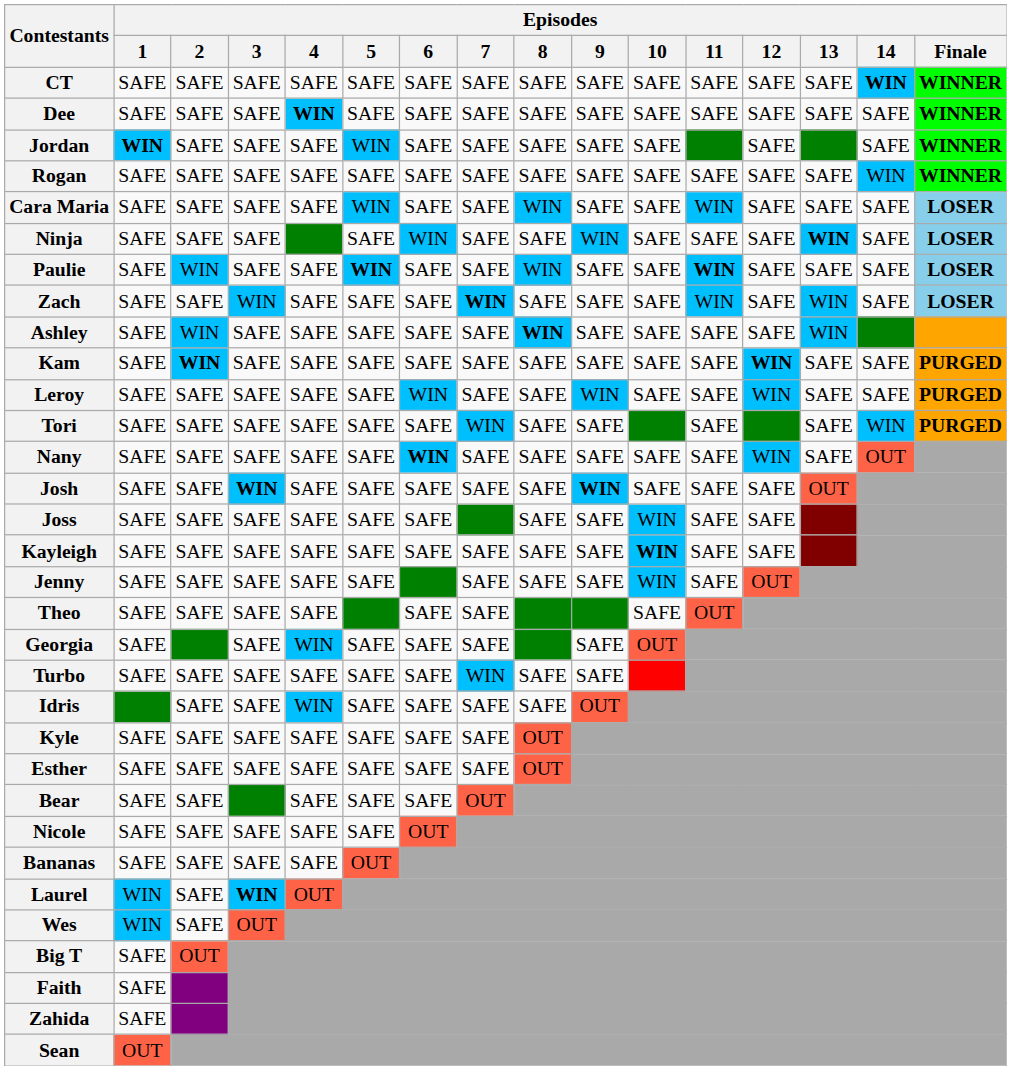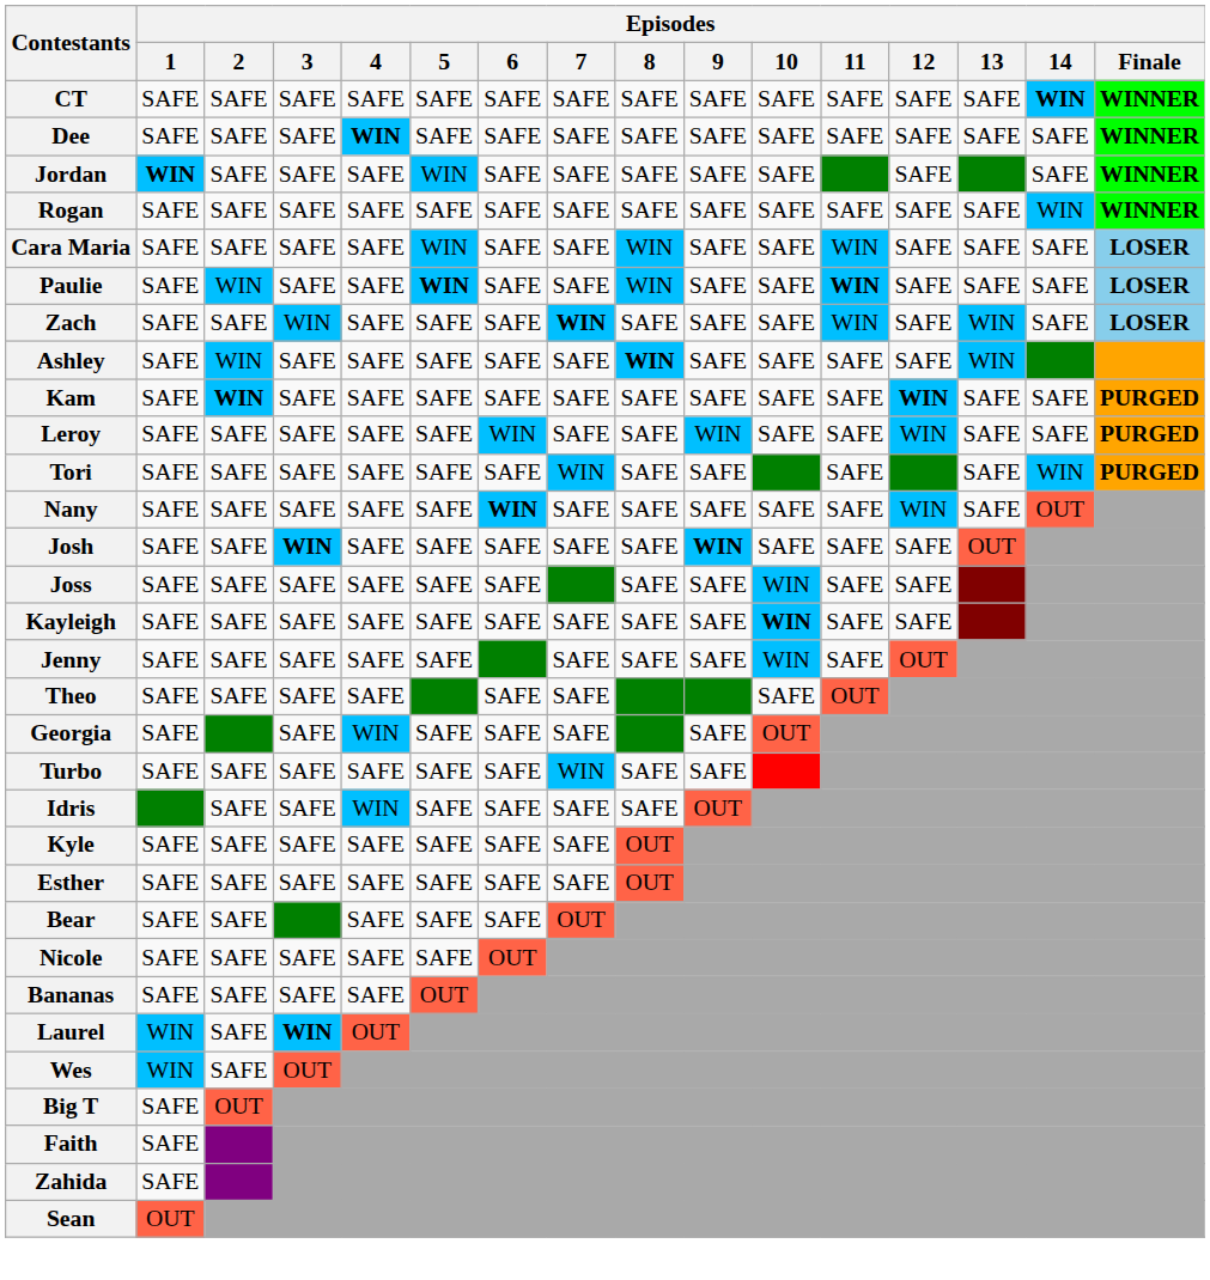 <table class="wikitable" border="2" style="text-align:center">
 <tr>
 <th rowspan="2">Contestants</th>
 <th colspan="15">Episodes</th>
 </tr>
 <tr>
 <th>1</th>
 <th>2</th>
 <th>3</th>
 <th>4</th>
 <th>5</th>
 <th>6</th>
 <th>7</th>
 <th>8</th>
 <th>9</th>
 <th>10</th>
 <th>11</th>
 <th>12</th>
 <th>13</th>
 <th>14</th>
 <th>Finale</th>
 </tr>
 <tr>
 <th>CT</th>
 <td>SAFE</td>
 <td>SAFE</td>
 <td>SAFE</td>
 <td>SAFE</td>
 <td>SAFE</td>
 <td>SAFE</td>
 <td>SAFE</td>
 <td>SAFE</td>
 <td>SAFE</td>
 <td>SAFE</td>
 <td>SAFE</td>
 <td>SAFE</td>
 <td>SAFE</td>
 <td style="background:deepskyblue"><strong>WIN</strong></td>
 <td style="background:lime"><strong>WINNER</strong></td>
 </tr>
 <tr>
 <th>Dee</th>
 <td>SAFE</td>
 <td>SAFE</td>
 <td>SAFE</td>
 <td style="background:deepskyblue"><strong>WIN</strong></td>
 <td>SAFE</td>
 <td>SAFE</td>
 <td>SAFE</td>
 <td>SAFE</td>
 <td>SAFE</td>
 <td>SAFE</td>
 <td>SAFE</td>
 <td>SAFE</td>
 <td>SAFE</td>
 <td>SAFE</td>
 <td style="background:lime"><strong>WINNER</strong></td>
 </tr>
 <tr>
 <th>Jordan</th>
 <td style="background:deepskyblue"><strong>WIN</strong></td>
 <td>SAFE</td>
 <td>SAFE</td>
 <td>SAFE</td>
 <td style="background:deepskyblue">WIN</td>
 <td>SAFE</td>
 <td>SAFE</td>
 <td>SAFE</td>
 <td>SAFE</td>
 <td>SAFE</td>
 <td style="background:green"></td>
 <td>SAFE</td>
 <td style="background:green"></td>
 <td>SAFE</td>
 <td style="background:lime"><strong>WINNER</strong></td>
 </tr>
 <tr>
 <th>Rogan</th>
 <td>SAFE</td>
 <td>SAFE</td>
 <td>SAFE</td>
 <td>SAFE</td>
 <td>SAFE</td>
 <td>SAFE</td>
 <td>SAFE</td>
 <td>SAFE</td>
 <td>SAFE</td>
 <td>SAFE</td>
 <td>SAFE</td>
 <td>SAFE</td>
 <td>SAFE</td>
 <td style="background:deepskyblue">WIN</td>
 <td style="background:lime"><strong>WINNER</strong></td>
 </tr>
 <tr>
 <th nowrap="">Cara Maria</th>
 <td>SAFE</td>
 <td>SAFE</td>
 <td>SAFE</td>
 <td>SAFE</td>
 <td style="background:deepskyblue">WIN</td>
 <td>SAFE</td>
 <td>SAFE</td>
 <td style="background:deepskyblue">WIN</td>
 <td>SAFE</td>
 <td>SAFE</td>
 <td style="background:deepskyblue">WIN</td>
 <td>SAFE</td>
 <td>SAFE</td>
-<td>SAFE</td>
-<td style="background:skyblue"><strong>LOSER</strong></td>
-</tr>
-<tr>
-<th>Ninja</th>
-<td>SAFE</td>
-<td>SAFE</td>
-<td>SAFE</td>
-<td style="background:green"></td>
-<td>SAFE</td>
-<td style="background:deepskyblue">WIN</td>
-<td>SAFE</td>
-<td>SAFE</td>
-<td style="background:deepskyblue">WIN</td>
-<td>SAFE</td>
-<td>SAFE</td>
-<td>SAFE</td>
-<td style="background:deepskyblue"><strong>WIN</strong></td>
 <td>SAFE</td>
 <td style="background:skyblue"><strong>LOSER</strong></td>
 </tr>
 <tr>
 <th>Paulie</th>
 <td>SAFE</td>
 <td style="background:deepskyblue">WIN</td>
 <td>SAFE</td>
 <td>SAFE</td>
 <td style="background:deepskyblue"><strong>WIN</strong></td>
 <td>SAFE</td>
 <td>SAFE</td>
 <td style="background:deepskyblue">WIN</td>
 <td>SAFE</td>
 <td>SAFE</td>
 <td style="background:deepskyblue"><strong>WIN</strong></td>
 <td>SAFE</td>
 <td>SAFE</td>
 <td>SAFE</td>
 <td style="background:skyblue"><strong>LOSER</strong></td>
 </tr>
 <tr>
 <th>Zach</th>
 <td>SAFE</td>
 <td>SAFE</td>
 <td style="background:deepskyblue">WIN</td>
 <td>SAFE</td>
 <td>SAFE</td>
 <td>SAFE</td>
 <td style="background:deepskyblue"><strong>WIN</strong></td>
 <td>SAFE</td>
 <td>SAFE</td>
 <td>SAFE</td>
 <td style="background:deepskyblue">WIN</td>
 <td>SAFE</td>
 <td style="background:deepskyblue">WIN</td>
 <td>SAFE</td>
 <td style="background:skyblue"><strong>LOSER</strong></td>
 </tr>
 <tr>
 <th>Ashley</th>
 <td>SAFE</td>
 <td style="background:deepskyblue">WIN</td>
 <td>SAFE</td>
 <td>SAFE</td>
 <td>SAFE</td>
 <td>SAFE</td>
 <td>SAFE</td>
 <td style="background:deepskyblue"><strong>WIN</strong></td>
 <td>SAFE</td>
 <td>SAFE</td>
 <td>SAFE</td>
 <td>SAFE</td>
 <td style="background:deepskyblue">WIN</td>
 <td style="background:green"></td>
 <td style="background:orange"></td>
 </tr>
 <tr>
 <th>Kam</th>
 <td>SAFE</td>
 <td style="background:deepskyblue"><strong>WIN</strong></td>
 <td>SAFE</td>
 <td>SAFE</td>
 <td>SAFE</td>
 <td>SAFE</td>
 <td>SAFE</td>
 <td>SAFE</td>
 <td>SAFE</td>
 <td>SAFE</td>
 <td>SAFE</td>
 <td style="background:deepskyblue"><strong>WIN</strong></td>
 <td>SAFE</td>
 <td>SAFE</td>
 <td style="background:orange"><strong>PURGED</strong></td>
 </tr>
 <tr>
 <th>Leroy</th>
 <td>SAFE</td>
 <td>SAFE</td>
 <td>SAFE</td>
 <td>SAFE</td>
 <td>SAFE</td>
 <td style="background:deepskyblue">WIN</td>
 <td>SAFE</td>
 <td>SAFE</td>
 <td style="background:deepskyblue">WIN</td>
 <td>SAFE</td>
 <td>SAFE</td>
 <td style="background:deepskyblue">WIN</td>
 <td>SAFE</td>
 <td>SAFE</td>
 <td style="background:orange"><strong>PURGED</strong></td>
 </tr>
 <tr>
 <th>Tori</th>
 <td>SAFE</td>
 <td>SAFE</td>
 <td>SAFE</td>
 <td>SAFE</td>
 <td>SAFE</td>
 <td>SAFE</td>
 <td style="background:deepskyblue">WIN</td>
 <td>SAFE</td>
 <td>SAFE</td>
 <td style="background:green"></td>
 <td>SAFE</td>
 <td style="background:green"></td>
 <td>SAFE</td>
 <td style="background:deepskyblue">WIN</td>
 <td style="background:orange"><strong>PURGED</strong></td>
 </tr>
 <tr>
 <th>Nany</th>
 <td>SAFE</td>
 <td>SAFE</td>
 <td>SAFE</td>
 <td>SAFE</td>
 <td>SAFE</td>
 <td style="background:deepskyblue"><strong>WIN</strong></td>
 <td>SAFE</td>
 <td>SAFE</td>
 <td>SAFE</td>
 <td>SAFE</td>
 <td>SAFE</td>
 <td style="background:deepskyblue">WIN</td>
 <td>SAFE</td>
 <td style="background:tomato">OUT</td>
 <td style="background:darkgray"></td>
 </tr>
 <tr>
 <th>Josh</th>
 <td>SAFE</td>
 <td>SAFE</td>
 <td style="background:deepskyblue"><strong>WIN</strong></td>
 <td>SAFE</td>
 <td>SAFE</td>
 <td>SAFE</td>
 <td>SAFE</td>
 <td>SAFE</td>
 <td style="background:deepskyblue"><strong>WIN</strong></td>
 <td>SAFE</td>
 <td>SAFE</td>
 <td>SAFE</td>
 <td style="background:tomato">OUT</td>
 <td colspan="2" style="background:darkgray"></td>
 </tr>
 <tr>
 <th>Joss</th>
 <td>SAFE</td>
 <td>SAFE</td>
 <td>SAFE</td>
 <td>SAFE</td>
 <td>SAFE</td>
 <td>SAFE</td>
 <td style="background:green"></td>
 <td>SAFE</td>
 <td>SAFE</td>
 <td style="background:deepskyblue">WIN</td>
 <td>SAFE</td>
 <td>SAFE</td>
 <td style="background:maroon"></td>
 <td colspan="2" style="background:darkgray"></td>
 </tr>
 <tr>
 <th>Kayleigh</th>
 <td>SAFE</td>
 <td>SAFE</td>
 <td>SAFE</td>
 <td>SAFE</td>
 <td>SAFE</td>
 <td>SAFE</td>
 <td>SAFE</td>
 <td>SAFE</td>
 <td>SAFE</td>
 <td style="background:deepskyblue"><strong>WIN</strong></td>
 <td>SAFE</td>
 <td>SAFE</td>
 <td style="background:maroon"></td>
 <td colspan="2" style="background:darkgray"></td>
 </tr>
 <tr>
 <th>Jenny</th>
 <td>SAFE</td>
 <td>SAFE</td>
 <td>SAFE</td>
 <td>SAFE</td>
 <td>SAFE</td>
 <td style="background:green"></td>
 <td>SAFE</td>
 <td>SAFE</td>
 <td>SAFE</td>
 <td style="background:deepskyblue">WIN</td>
 <td>SAFE</td>
 <td style="background:tomato">OUT</td>
 <td colspan="3" style="background:darkgray"></td>
 </tr>
 <tr>
 <th>Theo</th>
 <td>SAFE</td>
 <td>SAFE</td>
 <td>SAFE</td>
 <td>SAFE</td>
 <td style="background:green"></td>
 <td>SAFE</td>
 <td>SAFE</td>
 <td style="background:green"></td>
 <td style="background:green"></td>
 <td>SAFE</td>
 <td style="background:tomato">OUT</td>
 <td colspan="4" style="background:darkgray"></td>
 </tr>
 <tr>
 <th>Georgia</th>
 <td>SAFE</td>
 <td style="background:green"></td>
 <td>SAFE</td>
 <td style="background:deepskyblue">WIN</td>
 <td>SAFE</td>
 <td>SAFE</td>
 <td>SAFE</td>
 <td style="background:green"></td>
 <td>SAFE</td>
 <td style="background:tomato">OUT</td>
 <td colspan="5" style="background:darkgray"></td>
 </tr>
 <tr>
 <th>Turbo</th>
 <td>SAFE</td>
 <td>SAFE</td>
 <td>SAFE</td>
 <td>SAFE</td>
 <td>SAFE</td>
 <td>SAFE</td>
 <td style="background:deepskyblue">WIN</td>
 <td>SAFE</td>
 <td>SAFE</td>
 <td style="background:red"></td>
 <td colspan="5" style="background:darkgray"></td>
 </tr>
 <tr>
 <th>Idris</th>
 <td style="background:green"></td>
 <td>SAFE</td>
 <td>SAFE</td>
 <td style="background:deepskyblue">WIN</td>
 <td>SAFE</td>
 <td>SAFE</td>
 <td>SAFE</td>
 <td>SAFE</td>
 <td style="background:tomato">OUT</td>
 <td colspan="6" style="background:darkgray"></td>
 </tr>
 <tr>
 <th>Kyle</th>
 <td>SAFE</td>
 <td>SAFE</td>
 <td>SAFE</td>
 <td>SAFE</td>
 <td>SAFE</td>
 <td>SAFE</td>
 <td>SAFE</td>
 <td style="background:tomato">OUT</td>
 <td colspan="7" style="background:darkgray"></td>
 </tr>
 <tr>
 <th>Esther</th>
 <td>SAFE</td>
 <td>SAFE</td>
 <td>SAFE</td>
 <td>SAFE</td>
 <td>SAFE</td>
 <td>SAFE</td>
 <td>SAFE</td>
 <td style="background:tomato">OUT</td>
 <td colspan="7" style="background:darkgray"></td>
 </tr>
 <tr>
 <th>Bear</th>
 <td>SAFE</td>
 <td>SAFE</td>
 <td style="background:green"></td>
 <td>SAFE</td>
 <td>SAFE</td>
 <td>SAFE</td>
 <td style="background:tomato">OUT</td>
 <td colspan="8" style="background:darkgray"></td>
 </tr>
 <tr>
 <th>Nicole</th>
 <td>SAFE</td>
 <td>SAFE</td>
 <td>SAFE</td>
 <td>SAFE</td>
 <td>SAFE</td>
 <td style="background:tomato">OUT</td>
 <td colspan="9" style="background:darkgray"></td>
 </tr>
 <tr>
 <th>Bananas</th>
 <td>SAFE</td>
 <td>SAFE</td>
 <td>SAFE</td>
 <td>SAFE</td>
 <td style="background:tomato">OUT</td>
 <td colspan="10" style="background:darkgray"></td>
 </tr>
 <tr>
 <th>Laurel</th>
 <td style="background:deepskyblue">WIN</td>
 <td>SAFE</td>
 <td style="background:deepskyblue"><strong>WIN</strong></td>
 <td style="background:tomato">OUT</td>
 <td colspan="11" style="background:darkgray"></td>
 </tr>
 <tr>
 <th>Wes</th>
 <td style="background:deepskyblue">WIN</td>
 <td>SAFE</td>
 <td style="background:tomato">OUT</td>
 <td colspan="12" style="background:darkgray"></td>
 </tr>
 <tr>
 <th>Big T</th>
 <td>SAFE</td>
 <td style="background:tomato">OUT</td>
 <td colspan="13" style="background:darkgray"></td>
 </tr>
 <tr>
 <th>Faith</th>
 <td>SAFE</td>
 <td style="background:purple"></td>
 <td colspan="13" style="background:darkgray"></td>
 </tr>
 <tr>
 <th>Zahida</th>
 <td>SAFE</td>
 <td style="background:purple"></td>
 <td colspan="13" style="background:darkgray"></td>
 </tr>
 <tr>
 <th>Sean</th>
 <td style="background:tomato">OUT</td>
 <td colspan="14" style="background:darkgray"></td>
 </tr>
 </table>
